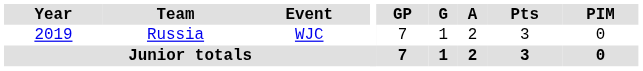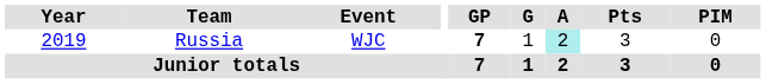 <table border="0" cellpadding="1" cellspacing="0" ID="Table3" style="text-align:center; width:40em">
 <tr bgcolor="#e0e0e0">
 <th>Year</th>
 <th>Team</th>
 <th>Event</th>
 <th rowspan="102" bgcolor="#ffffff"></th>
 <th>GP</th>
 <th>G</th>
 <th>A</th>
 <th>Pts</th>
 <th>PIM</th>
 </tr>
 <tr>
 <td><a href='#'>2019</a></td>
 <td><a href='#'>Russia</a></td>
 <td><a href='#'>WJC</a></td>
-<td>7</td>
+<td><strong>7</strong></td>
 <td>1</td>
-<td>2</td>
+<td style="background: paleturquoise;">2</td>
 <td>3</td>
 <td>0</td>
 </tr>
 <tr bgcolor="#e0e0e0">
 <th colspan="4">Junior totals</th>
 <th>7</th>
 <th>1</th>
 <th>2</th>
 <th>3</th>
 <th>0</th>
 </tr>
 </table>
